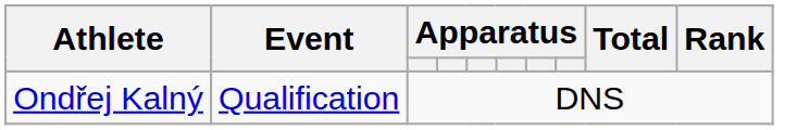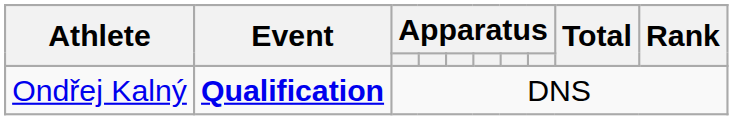 <table class="wikitable" style="text-align:center;font-size:90%">
 <tr>
 <th rowspan=2>Athlete</th>
 <th rowspan=2>Event</th>
 <th colspan=6>Apparatus</th>
 <th rowspan=2>Total</th>
 <th rowspan=2>Rank</th>
 </tr>
 <tr style="font-size:95%">
 <th></th>
 <th></th>
 <th></th>
 <th></th>
 <th></th>
 <th></th>
 </tr>
 <tr>
 <td rowspan=7 align=left><a href='#'>Ondřej Kalný</a></td>
-<td align=left><a href='#'>Qualification</a></td>
+<td align=left><strong><a href='#'>Qualification</a></strong></td>
 <td Colspan=8>DNS</td>
 </tr>
 </table>
